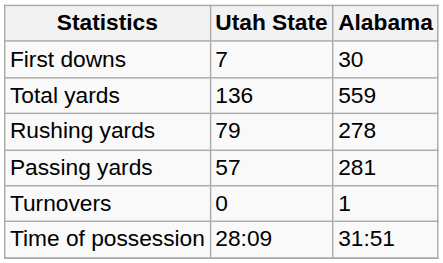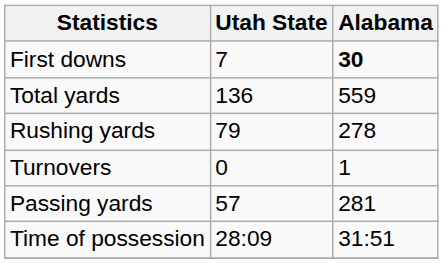 <table class="wikitable" style="float: left;">
 <tr>
 <th>Statistics</th>
 <th>Utah State</th>
 <th>Alabama</th>
 </tr>
 <tr>
 <td>First downs</td>
 <td>7</td>
-<td>30</td>
+<td><strong>30</strong></td>
 </tr>
 <tr>
 <td>Total yards</td>
 <td>136</td>
 <td>559</td>
 </tr>
 <tr>
 <td>Rushing yards</td>
 <td>79</td>
 <td>278</td>
 </tr>
 <tr>
+<td>Turnovers</td>
+<td>0</td>
+<td>1</td>
+</tr>
+<tr>
 <td>Passing yards</td>
 <td>57</td>
 <td>281</td>
-</tr>
-<tr>
-<td>Turnovers</td>
-<td>0</td>
-<td>1</td>
 </tr>
 <tr>
 <td>Time of possession</td>
 <td>28:09</td>
 <td>31:51</td>
 </tr>
 <tr>
 </tr>
 </table>
